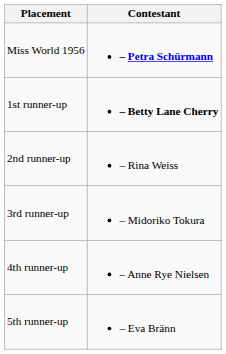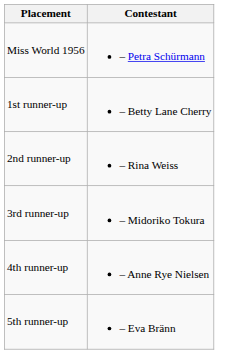 <table class="wikitable sortable" style="font-size:95%;">
 <tr>
 <th>Placement</th>
 <th>Contestant</th>
 </tr>
 <tr>
 <td>Miss World 1956</td>
-<td><strong><br><ul><li> – <a href='#'>Petra Schürmann</a></li></ul></strong></td>
+<td><br><ul><li> – <a href='#'>Petra Schürmann</a></li></ul></td>
 </tr>
 <tr>
 <td>1st runner-up</td>
-<td><strong><br><ul><li> – Betty Lane Cherry</li></ul></strong></td>
+<td><br><ul><li> – Betty Lane Cherry</li></ul></td>
 </tr>
 <tr>
 <td>2nd runner-up</td>
 <td><br><ul><li> – Rina Weiss</li></ul></td>
 </tr>
 <tr>
 <td>3rd runner-up</td>
 <td><br><ul><li> – Midoriko Tokura</li></ul></td>
 </tr>
 <tr>
 <td>4th runner-up</td>
 <td><br><ul><li> – Anne Rye Nielsen</li></ul></td>
 </tr>
 <tr>
 <td>5th runner-up</td>
 <td><br><ul><li> – Eva Bränn</li></ul></td>
 </tr>
 </table>
